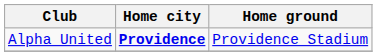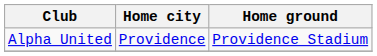 <table class="wikitable sortable">
 <tr>
 <th>Club</th>
 <th>Home city</th>
 <th>Home ground</th>
 </tr>
 <tr>
 <td><a href='#'>Alpha United</a></td>
-<td><strong><a href='#'>Providence</a></strong></td>
+<td><a href='#'>Providence</a></td>
 <td><a href='#'>Providence Stadium</a></td>
 </tr>
 <tr>
 </tr>
 </table>
